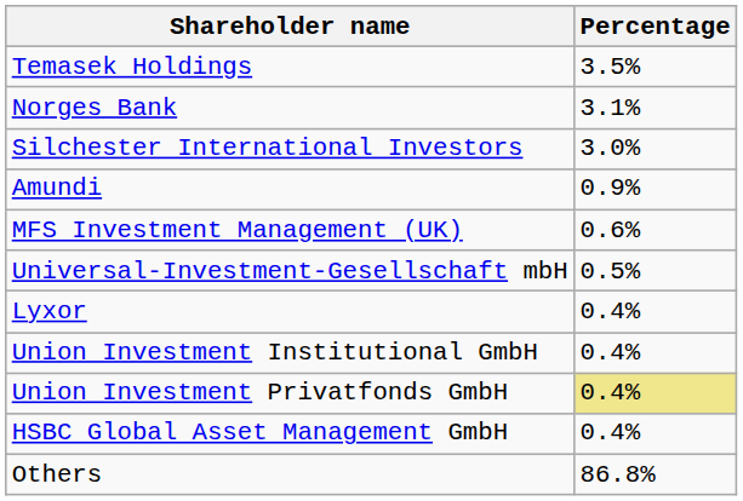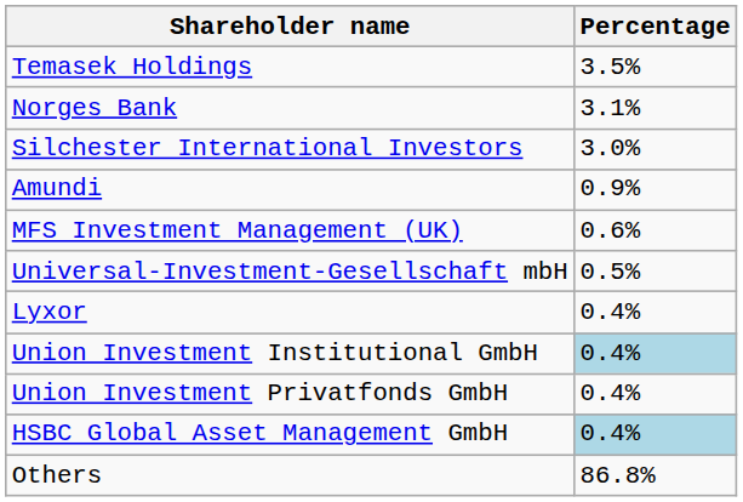 <table class="wikitable sortable">
 <tr>
 <th>Shareholder name</th>
 <th>Percentage</th>
 </tr>
 <tr>
 <td><a href='#'>Temasek Holdings</a></td>
 <td>3.5%</td>
 </tr>
 <tr>
 <td><a href='#'>Norges Bank</a></td>
 <td>3.1%</td>
 </tr>
 <tr>
 <td><a href='#'>Silchester International Investors</a></td>
 <td>3.0%</td>
 </tr>
 <tr>
 <td><a href='#'>Amundi</a></td>
 <td>0.9%</td>
 </tr>
 <tr>
 <td><a href='#'>MFS Investment Management (UK)</a></td>
 <td>0.6%</td>
 </tr>
 <tr>
 <td><a href='#'>Universal-Investment-Gesellschaft</a> mbH</td>
 <td>0.5%</td>
 </tr>
 <tr>
 <td><a href='#'>Lyxor</a></td>
 <td>0.4%</td>
 </tr>
 <tr>
 <td><a href='#'>Union Investment</a> Institutional GmbH</td>
+<td style="background: lightblue;">0.4%</td>
+</tr>
+<tr>
+<td><a href='#'>Union Investment</a> Privatfonds GmbH</td>
 <td>0.4%</td>
 </tr>
 <tr>
-<td><a href='#'>Union Investment</a> Privatfonds GmbH</td>
-<td style="background: khaki;">0.4%</td>
-</tr>
-<tr>
 <td><a href='#'>HSBC Global Asset Management</a> GmbH</td>
-<td>0.4%</td>
+<td style="background: lightblue;">0.4%</td>
 </tr>
 <tr>
 <td>Others</td>
 <td>86.8%</td>
 </tr>
 </table>
